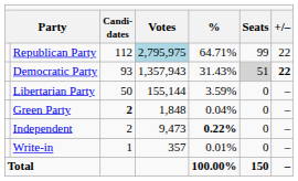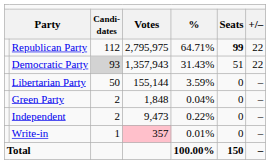 <table class="wikitable" style="font-size:100%; text-align:right;">
 <tr>
 <td colspan="15" align="center"></td>
 </tr>
 <tr>
 <th colspan="2">Party</th>
 <th><small>Candi-<br>dates</small></th>
 <th>Votes</th>
 <th>%</th>
 <th>Seats</th>
 <th>+/–</th>
 </tr>
 <tr>
 <td style="background:"></td>
 <td align="left"><a href='#'>Republican Party</a></td>
 <td>112</td>
-<td style="background: lightblue;">2,795,975</td>
+<td>2,795,975</td>
 <td>64.71%</td>
-<td>99</td>
+<td><strong>99</strong></td>
 <td>22</td>
 </tr>
 <tr>
 <td style="background:"></td>
 <td align="left"><a href='#'>Democratic Party</a></td>
-<td>93</td>
+<td style="background: lightgrey;">93</td>
 <td>1,357,943</td>
 <td>31.43%</td>
-<td style="background: lightgrey;">51</td>
-<td><strong>22</strong></td>
+<td>51</td>
+<td>22</td>
 </tr>
 <tr>
 <td style="background:"></td>
 <td align="left"><a href='#'>Libertarian Party</a></td>
 <td>50</td>
 <td>155,144</td>
 <td>3.59%</td>
 <td>0</td>
 <td>–</td>
 </tr>
 <tr>
 <td style="background:"></td>
 <td align="left"><a href='#'>Green Party</a></td>
-<td><strong>2</strong></td>
+<td>2</td>
 <td>1,848</td>
 <td>0.04%</td>
 <td>0</td>
 <td>–</td>
 </tr>
 <tr>
 <td style="background:"></td>
 <td align="left"><a href='#'>Independent</a></td>
 <td>2</td>
 <td>9,473</td>
-<td><strong>0.22%</strong></td>
+<td>0.22%</td>
 <td>0</td>
 <td>–</td>
 </tr>
 <tr>
 <td style="background:"></td>
 <td align="left"><a href='#'>Write-in</a></td>
 <td>1</td>
-<td>357</td>
+<td style="background: pink;">357</td>
 <td>0.01%</td>
 <td>0</td>
 <td>–</td>
 </tr>
 <tr style="font-weight:bold">
 <td colspan="2" align="left">Total</td>
 <td></td>
 <td></td>
 <td>100.00%</td>
 <td>150</td>
 <td>–</td>
 </tr>
 </table>
